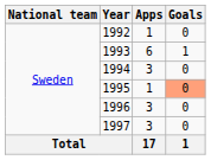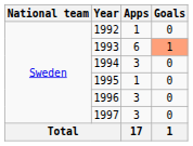 <table class="wikitable" style="text-align:center">
 <tr>
 <th>National team</th>
 <th>Year</th>
 <th>Apps</th>
 <th>Goals</th>
 </tr>
 <tr>
 <td rowspan="6"><a href='#'>Sweden</a></td>
 <td>1992</td>
 <td>1</td>
 <td>0</td>
 </tr>
 <tr>
 <td>1993</td>
 <td>6</td>
-<td>1</td>
+<td style="background: lightsalmon;">1</td>
 </tr>
 <tr>
 <td>1994</td>
 <td>3</td>
 <td>0</td>
 </tr>
 <tr>
 <td>1995</td>
 <td>1</td>
-<td style="background: lightsalmon;">0</td>
+<td>0</td>
 </tr>
 <tr>
 <td>1996</td>
 <td>3</td>
 <td>0</td>
 </tr>
 <tr>
 <td>1997</td>
 <td>3</td>
 <td>0</td>
 </tr>
 <tr>
 <th colspan="2">Total</th>
 <th>17</th>
 <th>1</th>
 </tr>
 </table>
